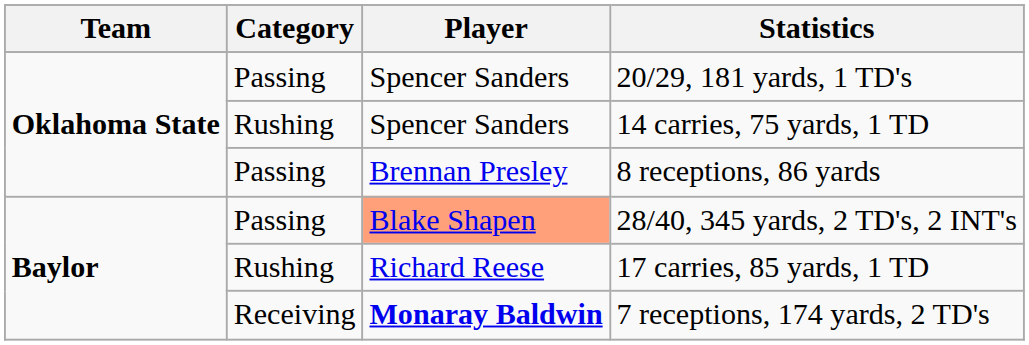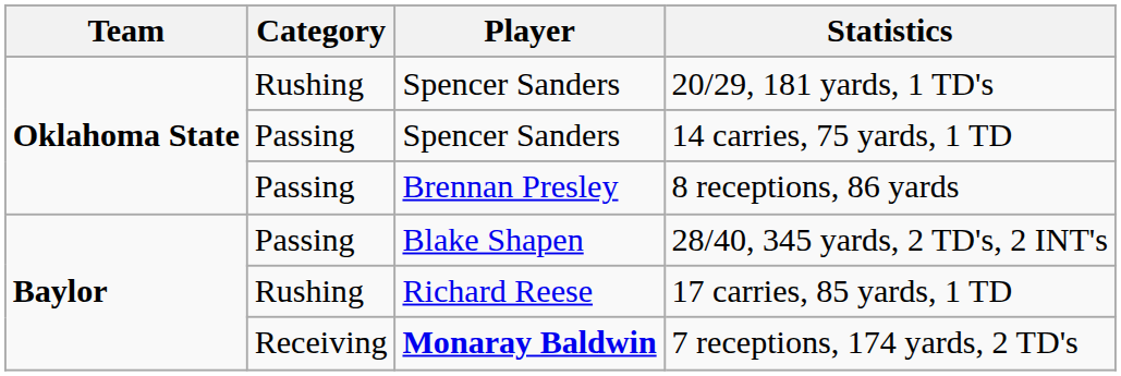 <table class="wikitable" style="float: right;">
 <tr>
 <th>Team</th>
 <th>Category</th>
 <th>Player</th>
 <th>Statistics</th>
 </tr>
 <tr>
 <td rowspan=3><strong>Oklahoma State</strong></td>
-<td>Passing</td>
+<td>Rushing</td>
 <td>Spencer Sanders</td>
 <td>20/29, 181 yards, 1 TD's</td>
 </tr>
 <tr>
-<td>Rushing</td>
+<td>Passing</td>
 <td>Spencer Sanders</td>
 <td>14 carries, 75 yards, 1 TD</td>
 </tr>
 <tr>
 <td>Passing</td>
 <td><a href='#'>Brennan Presley</a></td>
 <td>8 receptions, 86 yards</td>
 </tr>
 <tr>
 <td rowspan=3><strong>Baylor</strong></td>
 <td>Passing</td>
-<td style="background: lightsalmon;"><a href='#'>Blake Shapen</a></td>
+<td><a href='#'>Blake Shapen</a></td>
 <td>28/40, 345 yards, 2 TD's, 2 INT's</td>
 </tr>
 <tr>
 <td>Rushing</td>
 <td><a href='#'>Richard Reese</a></td>
 <td>17 carries, 85 yards, 1 TD</td>
 </tr>
 <tr>
 <td>Receiving</td>
 <td><strong><a href='#'>Monaray Baldwin</a></strong></td>
 <td>7 receptions, 174 yards, 2 TD's</td>
 </tr>
 </table>
